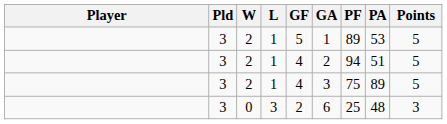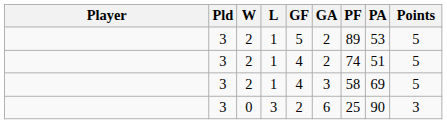 <table class=wikitable style="text-align:center">
 <tr>
 <th width=220>Player</th>
 <th width=20>Pld</th>
 <th width=20>W</th>
 <th width=20>L</th>
 <th width=20>GF</th>
 <th width=20>GA</th>
 <th width=20>PF</th>
 <th width=20>PA</th>
 <th width=50>Points</th>
 </tr>
 <tr>
 <td align=left></td>
 <td>3</td>
 <td>2</td>
 <td>1</td>
 <td>5</td>
-<td>1</td>
+<td>2</td>
 <td>89</td>
 <td>53</td>
 <td>5</td>
 </tr>
 <tr>
 <td align=left></td>
 <td>3</td>
 <td>2</td>
 <td>1</td>
 <td>4</td>
 <td>2</td>
-<td>94</td>
+<td>74</td>
 <td>51</td>
 <td>5</td>
 </tr>
 <tr>
 <td align=left></td>
 <td>3</td>
 <td>2</td>
 <td>1</td>
 <td>4</td>
 <td>3</td>
-<td>75</td>
-<td>89</td>
+<td>58</td>
+<td>69</td>
 <td>5</td>
 </tr>
 <tr>
 <td align=left></td>
 <td>3</td>
 <td>0</td>
 <td>3</td>
 <td>2</td>
 <td>6</td>
 <td>25</td>
-<td>48</td>
+<td>90</td>
 <td>3</td>
 </tr>
 </table>
